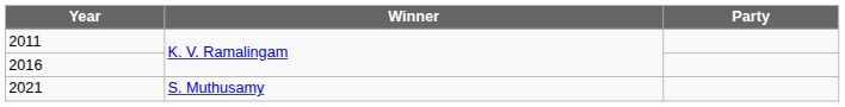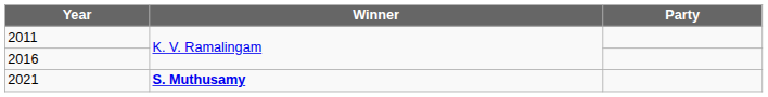 <table class="wikitable" width="70%">
 <tr>
 <th style="background-color:#666666; color:white">Year</th>
 <th style="background-color:#666666; color:white">Winner</th>
 <th style="background-color:#666666; color:white" colspan="2">Party</th>
 </tr>
 <tr>
 <td>2011</td>
 <td rowspan=2><a href='#'>K. V. Ramalingam</a></td>
 <td></td>
 </tr>
 <tr>
 <td>2016</td>
 </tr>
 <tr>
 <td>2021</td>
-<td><a href='#'>S. Muthusamy</a></td>
+<td><strong><a href='#'>S. Muthusamy</a></strong></td>
 <td></td>
 </tr>
 </table>
